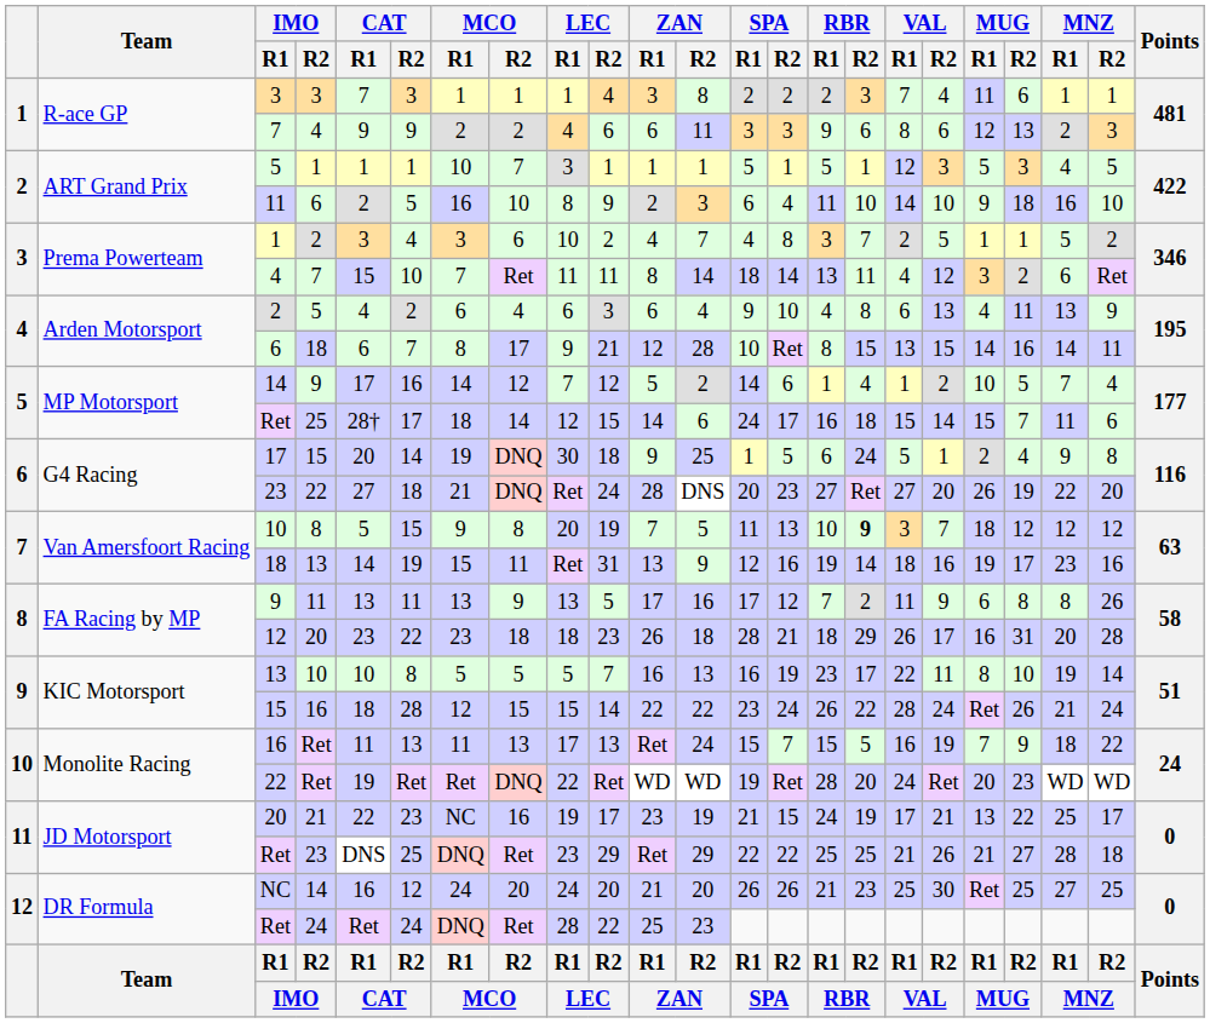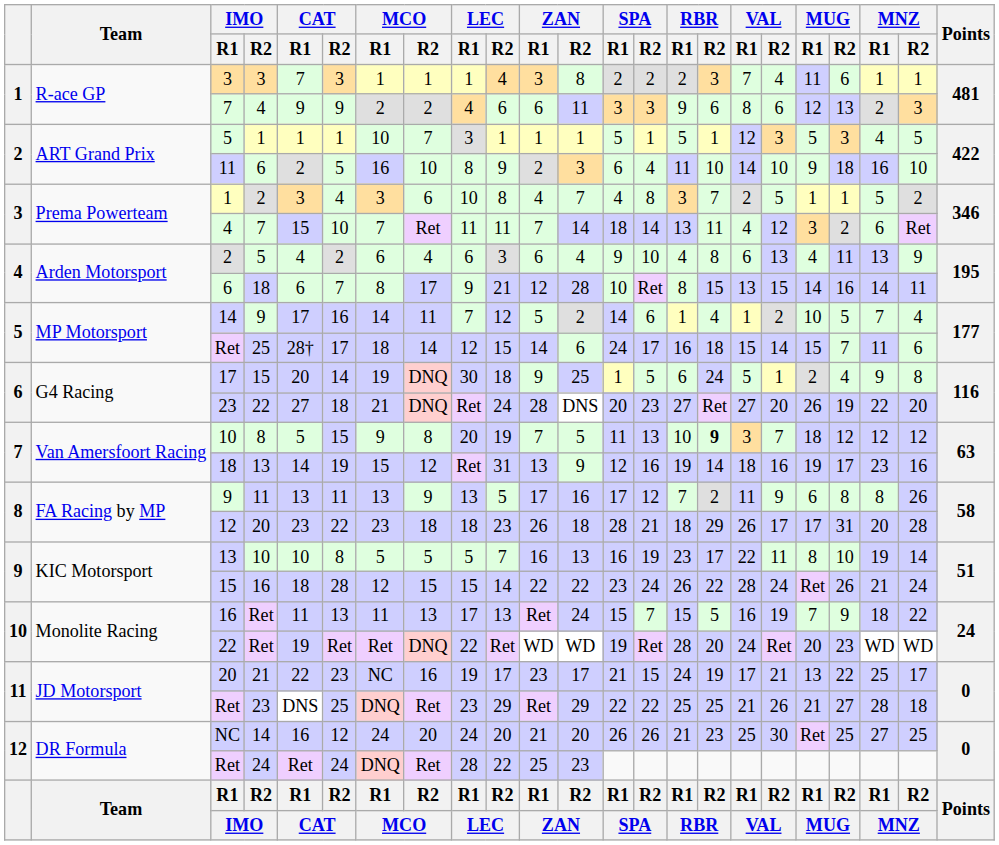 <table class="wikitable" style="font-size:85%; text-align:center">
 <tr>
 <th rowspan="2" valign="middle"></th>
 <th rowspan="2" valign="middle">Team</th>
 <th colspan="2"><a href='#'>IMO</a><br></th>
 <th colspan="2"><a href='#'>CAT</a><br></th>
 <th colspan="2"><a href='#'>MCO</a><br></th>
 <th colspan="2"><a href='#'>LEC</a><br></th>
 <th colspan="2"><a href='#'>ZAN</a><br></th>
 <th colspan="2"><a href='#'>SPA</a><br></th>
 <th colspan="2"><a href='#'>RBR</a><br></th>
 <th colspan="2"><a href='#'>VAL</a><br></th>
 <th colspan="2"><a href='#'>MUG</a><br></th>
 <th colspan="2"><a href='#'>MNZ</a><br></th>
 <th rowspan="2" valign="middle">Points</th>
 </tr>
 <tr>
 <th>R1</th>
 <th>R2</th>
 <th>R1</th>
 <th>R2</th>
 <th>R1</th>
 <th>R2</th>
 <th>R1</th>
 <th>R2</th>
 <th>R1</th>
 <th>R2</th>
 <th>R1</th>
 <th>R2</th>
 <th>R1</th>
 <th>R2</th>
 <th>R1</th>
 <th>R2</th>
 <th>R1</th>
 <th>R2</th>
 <th>R1</th>
 <th>R2</th>
 </tr>
 <tr>
 <th rowspan="2">1</th>
 <td rowspan="2" align="left"> <a href='#'>R-ace GP</a></td>
 <td style="background:#FFDF9F;">3</td>
 <td style="background:#FFDF9F;">3</td>
 <td style="background:#dfffdf;">7</td>
 <td style="background:#FFDF9F;">3</td>
 <td style="background:#ffffbf;">1</td>
 <td style="background:#ffffbf;">1</td>
 <td style="background:#FFFFBF;">1</td>
 <td style="background:#ffdf9f;">4</td>
 <td style="background:#FFDF9F;">3</td>
 <td style="background:#dfffdf;">8</td>
 <td style="background:#dfdfdf;">2</td>
 <td style="background:#dfdfdf;">2</td>
 <td style="background:#dfdfdf;">2</td>
 <td style="background:#FFDF9F;">3</td>
 <td style="background:#dfffdf;">7</td>
 <td style="background:#dfffdf;">4</td>
 <td style="background:#cfcfff;">11</td>
 <td style="background:#dfffdf;">6</td>
 <td style="background:#FFFFBF;">1</td>
 <td style="background:#FFFFBF;">1</td>
 <th rowspan="2">481</th>
 </tr>
 <tr>
 <td style="background:#DFFFDF;">7</td>
 <td style="background:#DFFFDF;">4</td>
 <td style="background:#dfffdf;">9</td>
 <td style="background:#dfffdf;">9</td>
 <td style="background:#dfdfdf;">2</td>
 <td style="background:#dfdfdf;">2</td>
 <td style="background:#FFDF9F;">4</td>
 <td style="background:#dfffdf;">6</td>
 <td style="background:#dfffdf;">6</td>
 <td style="background:#cfcfff;">11</td>
 <td style="background:#FFDF9F;">3</td>
 <td style="background:#FFDF9F;">3</td>
 <td style="background:#dfffdf;">9</td>
 <td style="background:#dfffdf;">6</td>
 <td style="background:#dfffdf;">8</td>
 <td style="background:#dfffdf;">6</td>
 <td style="background:#cfcfff;">12</td>
 <td style="background:#cfcfff;">13</td>
 <td style="background:#dfdfdf;">2</td>
 <td style="background:#FFDF9F;">3</td>
 </tr>
 <tr>
 <th rowspan="2">2</th>
 <td rowspan="2" align="left"> <a href='#'>ART Grand Prix</a></td>
 <td style="background:#DFFFDF;">5</td>
 <td style="background:#FFFFBF;">1</td>
 <td style="background:#ffffbf;">1</td>
 <td style="background:#ffffbf;">1</td>
 <td style="background:#DFFFDF;">10</td>
 <td style="background:#DFFFDF;">7</td>
 <td style="background:#DFDFDF;">3</td>
 <td style="background:#ffffbf;">1</td>
 <td style="background:#ffffbf;">1</td>
 <td style="background:#ffffbf;">1</td>
 <td style="background:#DFFFDF;">5</td>
 <td style="background:#ffffbf;">1</td>
 <td style="background:#DFFFDF;">5</td>
 <td style="background:#ffffbf;">1</td>
 <td style="background:#cfcfff;">12</td>
 <td style="background:#FFDF9F;">3</td>
 <td style="background:#DFFFDF;">5</td>
 <td style="background:#FFDF9F;">3</td>
 <td style="background:#DFFFDF;">4</td>
 <td style="background:#DFFFDF;">5</td>
 <th rowspan="2">422</th>
 </tr>
 <tr>
 <td style="background:#CFCFFF;">11</td>
 <td style="background:#DFFFDF;">6</td>
 <td style="background:#dfdfdf;">2</td>
 <td style="background:#DFFFDF;">5</td>
 <td style="background:#CFCFFF;">16</td>
 <td style="background:#DFFFDF;">10</td>
 <td style="background:#DFFFDF;">8</td>
 <td style="background:#dfffdf;">9</td>
 <td style="background:#dfdfdf;">2</td>
 <td style="background:#ffdf9f;">3</td>
 <td style="background:#DFFFDF;">6</td>
 <td style="background:#DFFFDF;">4</td>
 <td style="background:#CFCFFF;">11</td>
 <td style="background:#DFFFDF;">10</td>
 <td style="background:#cfcfff;">14</td>
 <td style="background:#dfffdf;">10</td>
 <td style="background:#DFFFDF;">9</td>
 <td style="background:#cfcfff;">18</td>
 <td style="background:#CFCFFF;">16</td>
 <td style="background:#dfffdf;">10</td>
 </tr>
 <tr>
 <th rowspan="2">3</th>
 <td rowspan="2" align="left"> <a href='#'>Prema Powerteam</a></td>
 <td style="background:#ffffbf;">1</td>
 <td style="background:#dfdfdf;">2</td>
 <td style="background:#ffdf9f;">3</td>
 <td style="background:#DFFFDF;">4</td>
 <td style="background:#ffdf9f;">3</td>
 <td style="background:#DFFFDF;">6</td>
 <td style="background:#DFFFDF;">10</td>
-<td style="background:#dfffdf;">2</td>
+<td style="background:#dfffdf;">8</td>
 <td style="background:#dfffdf;">4</td>
 <td style="background:#dfffdf;">7</td>
 <td style="background:#dfffdf;">4</td>
 <td style="background:#DFFFDF;">8</td>
 <td style="background:#ffdf9f;">3</td>
 <td style="background:#DFFFDF;">7</td>
 <td style="background:#dfdfdf;">2</td>
 <td style="background:#DFFFDF;">5</td>
 <td style="background:#ffffbf;">1</td>
 <td style="background:#ffffbf;">1</td>
 <td style="background:#DFFFDF;">5</td>
 <td style="background:#dfdfdf;">2</td>
 <th rowspan="2">346</th>
 </tr>
 <tr>
 <td style="background:#dfffdf;">4</td>
 <td style="background:#dfffdf;">7</td>
 <td style="background:#cfcfff;">15</td>
 <td style="background:#DFFFDF;">10</td>
 <td style="background:#dfffdf;">7</td>
 <td style="background:#EFCFFF;">Ret</td>
 <td style="background:#DFFFDF;">11</td>
 <td style="background:#dfffdf;">11</td>
-<td style="background:#dfffdf;">8</td>
+<td style="background:#dfffdf;">7</td>
 <td style="background:#cfcfff;">14</td>
 <td style="background:#cfcfff;">18</td>
 <td style="background:#cfcfff;">14</td>
 <td style="background:#cfcfff;">13</td>
 <td style="background:#dfffdf;">11</td>
 <td style="background:#dfffdf;">4</td>
 <td style="background:#cfcfff;">12</td>
 <td style="background:#ffdf9f;">3</td>
 <td style="background:#dfdfdf;">2</td>
 <td style="background:#DFFFDF;">6</td>
 <td style="background:#EFCFFF;">Ret</td>
 </tr>
 <tr>
 <th rowspan="2">4</th>
 <td rowspan="2" align="left"> <a href='#'>Arden Motorsport</a></td>
 <td style="background:#dfdfdf;">2</td>
 <td style="background:#dfffdf;">5</td>
 <td style="background:#dfffdf;">4</td>
 <td style="background:#dfdfdf;">2</td>
 <td style="background:#dfffdf;">6</td>
 <td style="background:#dfffdf;">4</td>
 <td style="background:#dfffdf;">6</td>
 <td style="background:#dfdfdf;">3</td>
 <td style="background:#dfffdf;">6</td>
 <td style="background:#dfffdf;">4</td>
 <td style="background:#dfffdf;">9</td>
 <td style="background:#dfffdf;">10</td>
 <td style="background:#dfffdf;">4</td>
 <td style="background:#dfffdf;">8</td>
 <td style="background:#dfffdf;">6</td>
 <td style="background:#cfcfff;">13</td>
 <td style="background:#dfffdf;">4</td>
 <td style="background:#cfcfff;">11</td>
 <td style="background:#cfcfff;">13</td>
 <td style="background:#dfffdf;">9</td>
 <th rowspan="2">195</th>
 </tr>
 <tr>
 <td style="background:#dfffdf;">6</td>
 <td style="background:#CFCFFF;">18</td>
 <td style="background:#dfffdf;">6</td>
 <td style="background:#dfffdf;">7</td>
 <td style="background:#dfffdf;">8</td>
 <td style="background:#cfcfff;">17</td>
 <td style="background:#dfffdf;">9</td>
 <td style="background:#cfcfff;">21</td>
 <td style="background:#CFCFFF;">12</td>
 <td style="background:#cfcfff;">28</td>
 <td style="background:#dfffdf;">10</td>
 <td style="background:#EFCFFF;">Ret</td>
 <td style="background:#dfffdf;">8</td>
 <td style="background:#CFCFFF;">15</td>
 <td style="background:#CFCFFF;">13</td>
 <td style="background:#cfcfff;">15</td>
 <td style="background:#cfcfff;">14</td>
 <td style="background:#cfcfff;">16</td>
 <td style="background:#cfcfff;">14</td>
 <td style="background:#cfcfff;">11</td>
 </tr>
 <tr>
 <th rowspan="2">5</th>
 <td rowspan="2" align="left"> <a href='#'>MP Motorsport</a></td>
 <td style="background:#CFCFFF;">14</td>
 <td style="background:#dfffdf;">9</td>
 <td style="background:#cfcfff;">17</td>
 <td style="background:#CFCFFF;">16</td>
 <td style="background:#cfcfff;">14</td>
-<td style="background:#cfcfff;">12</td>
+<td style="background:#cfcfff;">11</td>
 <td style="background:#dfffdf;">7</td>
 <td style="background:#cfcfff;">12</td>
 <td style="background:#dfffdf;">5</td>
 <td style="background:#dfdfdf;">2</td>
 <td style="background:#cfcfff;">14</td>
 <td style="background:#dfffdf;">6</td>
 <td style="background:#ffffbf;">1</td>
 <td style="background:#dfffdf;">4</td>
 <td style="background:#ffffbf;">1</td>
 <td style="background:#dfdfdf;">2</td>
 <td style="background:#dfffdf;">10</td>
 <td style="background:#dfffdf;">5</td>
 <td style="background:#dfffdf;">7</td>
 <td style="background:#dfffdf;">4</td>
 <th rowspan="2">177</th>
 </tr>
 <tr>
 <td style="background:#EFCFFF;">Ret</td>
 <td style="background:#CFCFFF;">25</td>
 <td style="background:#cfcfff;">28†</td>
 <td style="background:#CFCFFF;">17</td>
 <td style="background:#cfcfff;">18</td>
 <td style="background:#CFCFFF;">14</td>
 <td style="background:#cfcfff;">12</td>
 <td style="background:#cfcfff;">15</td>
 <td style="background:#cfcfff;">14</td>
 <td style="background:#dfffdf;">6</td>
 <td style="background:#cfcfff;">24</td>
 <td style="background:#cfcfff;">17</td>
 <td style="background:#cfcfff;">16</td>
 <td style="background:#cfcfff;">18</td>
 <td style="background:#cfcfff;">15</td>
 <td style="background:#cfcfff;">14</td>
 <td style="background:#cfcfff;">15</td>
 <td style="background:#dfffdf;">7</td>
 <td style="background:#cfcfff;">11</td>
 <td style="background:#dfffdf;">6</td>
 </tr>
 <tr>
 <th rowspan="2">6</th>
 <td rowspan="2" align="left"> G4 Racing</td>
 <td style="background:#cfcfff;">17</td>
 <td style="background:#cfcfff;">15</td>
 <td style="background:#cfcfff;">20</td>
 <td style="background:#cfcfff;">14</td>
 <td style="background:#cfcfff;">19</td>
 <td style="background:#ffcfcf;">DNQ</td>
 <td style="background:#cfcfff;">30</td>
 <td style="background:#cfcfff;">18</td>
 <td style="background:#dfffdf;">9</td>
 <td style="background:#cfcfff;">25</td>
 <td style="background:#ffffbf;">1</td>
 <td style="background:#dfffdf;">5</td>
 <td style="background:#dfffdf;">6</td>
 <td style="background:#cfcfff;">24</td>
 <td style="background:#dfffdf;">5</td>
 <td style="background:#ffffbf;">1</td>
 <td style="background:#dfdfdf;">2</td>
 <td style="background:#dfffdf;">4</td>
 <td style="background:#dfffdf;">9</td>
 <td style="background:#dfffdf;">8</td>
 <th rowspan="2">116</th>
 </tr>
 <tr>
 <td style="background:#cfcfff;">23</td>
 <td style="background:#cfcfff;">22</td>
 <td style="background:#cfcfff;">27</td>
 <td style="background:#cfcfff;">18</td>
 <td style="background:#cfcfff;">21</td>
 <td style="background:#ffcfcf;">DNQ</td>
 <td style="background:#EFCFFF;">Ret</td>
 <td style="background:#cfcfff;">24</td>
 <td style="background:#cfcfff;">28</td>
 <td style="background:#ffffff;">DNS</td>
 <td style="background:#cfcfff;">20</td>
 <td style="background:#cfcfff;">23</td>
 <td style="background:#cfcfff;">27</td>
 <td style="background:#EFCFFF;">Ret</td>
 <td style="background:#cfcfff;">27</td>
 <td style="background:#cfcfff;">20</td>
 <td style="background:#cfcfff;">26</td>
 <td style="background:#cfcfff;">19</td>
 <td style="background:#cfcfff;">22</td>
 <td style="background:#cfcfff;">20</td>
 </tr>
 <tr>
 <th rowspan="2">7</th>
 <td rowspan="2" align="left" nowrap> <a href='#'>Van Amersfoort Racing</a></td>
 <td style="background:#dfffdf;">10</td>
 <td style="background:#dfffdf;">8</td>
 <td style="background:#dfffdf;">5</td>
 <td style="background:#CFCFFF;">15</td>
 <td style="background:#dfffdf;">9</td>
 <td style="background:#dfffdf;">8</td>
 <td style="background:#CFCFFF;">20</td>
 <td style="background:#cfcfff;">19</td>
 <td style="background:#dfffdf;">7</td>
 <td style="background:#dfffdf;">5</td>
 <td style="background:#cfcfff;">11</td>
 <td style="background:#cfcfff;">13</td>
 <td style="background:#dfffdf;">10</td>
 <td style="background:#dfffdf;"><strong>9</strong></td>
 <td style="background:#FFDF9F;">3</td>
 <td style="background:#dfffdf;">7</td>
 <td style="background:#cfcfff;">18</td>
 <td style="background:#cfcfff;">12</td>
 <td style="background:#cfcfff;">12</td>
 <td style="background:#cfcfff;">12</td>
 <th rowspan="2">63</th>
 </tr>
 <tr>
 <td style="background:#CFCFFF;">18</td>
 <td style="background:#CFCFFF;">13</td>
 <td style="background:#cfcfff;">14</td>
 <td style="background:#CFCFFF;">19</td>
 <td style="background:#cfcfff;">15</td>
-<td style="background:#cfcfff;">11</td>
+<td style="background:#cfcfff;">12</td>
 <td style="background:#EFCFFF;">Ret</td>
 <td style="background:#cfcfff;">31</td>
 <td style="background:#cfcfff;">13</td>
 <td style="background:#dfffdf;">9</td>
 <td style="background:#cfcfff;">12</td>
 <td style="background:#cfcfff;">16</td>
 <td style="background:#cfcfff;">19</td>
 <td style="background:#cfcfff;">14</td>
 <td style="background:#cfcfff;">18</td>
 <td style="background:#cfcfff;">16</td>
 <td style="background:#cfcfff;">19</td>
 <td style="background:#cfcfff;">17</td>
 <td style="background:#cfcfff;">23</td>
 <td style="background:#cfcfff;">16</td>
 </tr>
 <tr>
 <th rowspan="2">8</th>
 <td rowspan="2" align="left"> <a href='#'>FA Racing</a> by <a href='#'>MP</a></td>
 <td style="background:#dfffdf;">9</td>
 <td style="background:#CFCFFF;">11</td>
 <td style="background:#cfcfff;">13</td>
 <td style="background:#CFCFFF;">11</td>
 <td style="background:#cfcfff;">13</td>
 <td style="background:#dfffdf;">9</td>
 <td style="background:#cfcfff;">13</td>
 <td style="background:#dfffdf;">5</td>
 <td style="background:#cfcfff;">17</td>
 <td style="background:#cfcfff;">16</td>
 <td style="background:#cfcfff;">17</td>
 <td style="background:#cfcfff;">12</td>
 <td style="background:#dfffdf;">7</td>
 <td style="background:#dfdfdf;">2</td>
 <td style="background:#cfcfff;">11</td>
 <td style="background:#dfffdf;">9</td>
 <td style="background:#dfffdf;">6</td>
 <td style="background:#dfffdf;">8</td>
 <td style="background:#dfffdf;">8</td>
 <td style="background:#cfcfff;">26</td>
 <th rowspan="2">58</th>
 </tr>
 <tr>
 <td style="background:#cfcfff;">12</td>
 <td style="background:#cfcfff;">20</td>
 <td style="background:#cfcfff;">23</td>
 <td style="background:#CFCFFF;">22</td>
 <td style="background:#cfcfff;">23</td>
 <td style="background:#cfcfff;">18</td>
 <td style="background:#cfcfff;">18</td>
 <td style="background:#cfcfff;">23</td>
 <td style="background:#cfcfff;">26</td>
 <td style="background:#cfcfff;">18</td>
 <td style="background:#cfcfff;">28</td>
 <td style="background:#cfcfff;">21</td>
 <td style="background:#cfcfff;">18</td>
 <td style="background:#cfcfff;">29</td>
 <td style="background:#cfcfff;">26</td>
 <td style="background:#cfcfff;">17</td>
-<td style="background:#cfcfff;">16</td>
+<td style="background:#cfcfff;">17</td>
 <td style="background:#cfcfff;">31</td>
 <td style="background:#cfcfff;">20</td>
 <td style="background:#cfcfff;">28</td>
 </tr>
 <tr>
 <th rowspan="2" valign="middle">9</th>
 <td rowspan="2" align="left"> KIC Motorsport</td>
 <td style="background:#cfcfff;">13</td>
 <td style="background:#dfffdf;">10</td>
 <td style="background:#dfffdf;">10</td>
 <td style="background:#dfffdf;">8</td>
 <td style="background:#dfffdf;">5</td>
 <td style="background:#dfffdf;">5</td>
 <td style="background:#dfffdf;">5</td>
 <td style="background:#dfffdf;">7</td>
 <td style="background:#cfcfff;">16</td>
 <td style="background:#cfcfff;">13</td>
 <td style="background:#cfcfff;">16</td>
 <td style="background:#cfcfff;">19</td>
 <td style="background:#cfcfff;">23</td>
 <td style="background:#cfcfff;">17</td>
 <td style="background:#cfcfff;">22</td>
 <td style="background:#dfffdf;">11</td>
 <td style="background:#dfffdf;">8</td>
 <td style="background:#dfffdf;">10</td>
 <td style="background:#cfcfff;">19</td>
 <td style="background:#cfcfff;">14</td>
 <th rowspan="2" valign="middle">51</th>
 </tr>
 <tr>
 <td style="background:#cfcfff;">15</td>
 <td style="background:#cfcfff;">16</td>
 <td style="background:#cfcfff;">18</td>
 <td style="background:#cfcfff;">28</td>
 <td style="background:#cfcfff;">12</td>
 <td style="background:#cfcfff;">15</td>
 <td style="background:#cfcfff;">15</td>
 <td style="background:#cfcfff;">14</td>
 <td style="background:#cfcfff;">22</td>
 <td style="background:#cfcfff;">22</td>
 <td style="background:#cfcfff;">23</td>
 <td style="background:#cfcfff;">24</td>
 <td style="background:#cfcfff;">26</td>
 <td style="background:#cfcfff;">22</td>
 <td style="background:#cfcfff;">28</td>
 <td style="background:#cfcfff;">24</td>
 <td style="background:#EFCFFF;">Ret</td>
 <td style="background:#cfcfff;">26</td>
 <td style="background:#cfcfff;">21</td>
 <td style="background:#cfcfff;">24</td>
 </tr>
 <tr>
 <th rowspan="2">10</th>
 <td rowspan="2" align="left"> Monolite Racing</td>
 <td style="background:#cfcfff;">16</td>
 <td style="background:#EFCFFF;">Ret</td>
 <td style="background:#cfcfff;">11</td>
 <td style="background:#cfcfff;">13</td>
 <td style="background:#cfcfff;">11</td>
 <td style="background:#cfcfff;">13</td>
 <td style="background:#cfcfff;">17</td>
 <td style="background:#cfcfff;">13</td>
 <td style="background:#EFCFFF;">Ret</td>
 <td style="background:#cfcfff;">24</td>
 <td style="background:#cfcfff;">15</td>
 <td style="background:#dfffdf;">7</td>
 <td style="background:#cfcfff;">15</td>
 <td style="background:#dfffdf;">5</td>
 <td style="background:#cfcfff;">16</td>
 <td style="background:#cfcfff;">19</td>
 <td style="background:#dfffdf;">7</td>
 <td style="background:#dfffdf;">9</td>
 <td style="background:#cfcfff;">18</td>
 <td style="background:#cfcfff;">22</td>
 <th rowspan="2">24</th>
 </tr>
 <tr>
 <td style="background:#cfcfff;">22</td>
 <td style="background:#EFCFFF;">Ret</td>
 <td style="background:#cfcfff;">19</td>
 <td style="background:#efcfff;">Ret</td>
 <td style="background:#efcfff;">Ret</td>
 <td style="background:#ffcfcf;">DNQ</td>
 <td style="background:#cfcfff;">22</td>
 <td style="background:#efcfff;">Ret</td>
 <td style="background:#ffffff;">WD</td>
 <td style="background:#ffffff;">WD</td>
 <td style="background:#cfcfff;">19</td>
 <td style="background:#efcfff;">Ret</td>
 <td style="background:#cfcfff;">28</td>
 <td style="background:#cfcfff;">20</td>
 <td style="background:#cfcfff;">24</td>
 <td style="background:#efcfff;">Ret</td>
 <td style="background:#cfcfff;">20</td>
 <td style="background:#cfcfff;">23</td>
 <td style="background:#ffffff;">WD</td>
 <td style="background:#ffffff;">WD</td>
 </tr>
 <tr>
 <th rowspan="2">11</th>
 <td rowspan="2" align="left"> <a href='#'>JD Motorsport</a></td>
 <td style="background:#cfcfff;">20</td>
 <td style="background:#cfcfff;">21</td>
 <td style="background:#cfcfff;">22</td>
 <td style="background:#cfcfff;">23</td>
 <td style="background:#cfcfff;">NC</td>
 <td style="background:#cfcfff;">16</td>
 <td style="background:#cfcfff;">19</td>
 <td style="background:#cfcfff;">17</td>
 <td style="background:#cfcfff;">23</td>
-<td style="background:#cfcfff;">19</td>
+<td style="background:#cfcfff;">17</td>
 <td style="background:#cfcfff;">21</td>
 <td style="background:#cfcfff;">15</td>
 <td style="background:#cfcfff;">24</td>
 <td style="background:#cfcfff;">19</td>
 <td style="background:#cfcfff;">17</td>
 <td style="background:#cfcfff;">21</td>
 <td style="background:#cfcfff;">13</td>
 <td style="background:#cfcfff;">22</td>
 <td style="background:#cfcfff;">25</td>
 <td style="background:#cfcfff;">17</td>
 <th rowspan="2">0</th>
 </tr>
 <tr>
 <td style="background:#EFCFFF;">Ret</td>
 <td style="background:#cfcfff;">23</td>
 <td style="background:#ffffff;">DNS</td>
 <td style="background:#cfcfff;">25</td>
 <td style="background:#ffcfcf;">DNQ</td>
 <td style="background:#EFCFFF;">Ret</td>
 <td style="background:#cfcfff;">23</td>
 <td style="background:#cfcfff;">29</td>
 <td style="background:#EFCFFF;">Ret</td>
 <td style="background:#cfcfff;">29</td>
 <td style="background:#cfcfff;">22</td>
 <td style="background:#cfcfff;">22</td>
 <td style="background:#cfcfff;">25</td>
 <td style="background:#cfcfff;">25</td>
 <td style="background:#cfcfff;">21</td>
 <td style="background:#cfcfff;">26</td>
 <td style="background:#cfcfff;">21</td>
 <td style="background:#cfcfff;">27</td>
 <td style="background:#cfcfff;">28</td>
 <td style="background:#cfcfff;">18</td>
 </tr>
 <tr>
 <th rowspan="2">12</th>
 <td rowspan="2" align="left"> <a href='#'>DR Formula</a></td>
 <td style="background:#cfcfff;">NC</td>
 <td style="background:#cfcfff;">14</td>
 <td style="background:#cfcfff;">16</td>
 <td style="background:#cfcfff;">12</td>
 <td style="background:#cfcfff;">24</td>
 <td style="background:#cfcfff;">20</td>
 <td style="background:#cfcfff;">24</td>
 <td style="background:#cfcfff;">20</td>
 <td style="background:#cfcfff;">21</td>
 <td style="background:#cfcfff;">20</td>
 <td style="background:#cfcfff;">26</td>
 <td style="background:#cfcfff;">26</td>
 <td style="background:#cfcfff;">21</td>
 <td style="background:#cfcfff;">23</td>
 <td style="background:#cfcfff;">25</td>
 <td style="background:#cfcfff;">30</td>
 <td style="background:#EFCFFF;">Ret</td>
 <td style="background:#cfcfff;">25</td>
 <td style="background:#cfcfff;">27</td>
 <td style="background:#cfcfff;">25</td>
 <th rowspan="2">0</th>
 </tr>
 <tr>
 <td style="background:#EFCFFF;">Ret</td>
 <td style="background:#cfcfff;">24</td>
 <td style="background:#efcfff;">Ret</td>
 <td style="background:#cfcfff;">24</td>
 <td style="background:#ffcfcf;">DNQ</td>
 <td style="background:#EFCFFF;">Ret</td>
 <td style="background:#cfcfff;">28</td>
 <td style="background:#cfcfff;">22</td>
 <td style="background:#cfcfff;">25</td>
 <td style="background:#cfcfff;">23</td>
 <td></td>
 <td></td>
 <td></td>
 <td></td>
 <td></td>
 <td></td>
 <td></td>
 <td></td>
 <td></td>
 <td></td>
 </tr>
 <tr>
 <th rowspan="2"></th>
 <th rowspan="2">Team</th>
 <th>R1</th>
 <th>R2</th>
 <th>R1</th>
 <th>R2</th>
 <th>R1</th>
 <th>R2</th>
 <th>R1</th>
 <th>R2</th>
 <th>R1</th>
 <th>R2</th>
 <th>R1</th>
 <th>R2</th>
 <th>R1</th>
 <th>R2</th>
 <th>R1</th>
 <th>R2</th>
 <th>R1</th>
 <th>R2</th>
 <th>R1</th>
 <th>R2</th>
 <th rowspan="2">Points</th>
 </tr>
 <tr>
 <th colspan="2"><a href='#'>IMO</a><br></th>
 <th colspan="2"><a href='#'>CAT</a><br></th>
 <th colspan="2"><a href='#'>MCO</a><br></th>
 <th colspan="2"><a href='#'>LEC</a><br></th>
 <th colspan="2"><a href='#'>ZAN</a><br></th>
 <th colspan="2"><a href='#'>SPA</a><br></th>
 <th colspan="2"><a href='#'>RBR</a><br></th>
 <th colspan="2"><a href='#'>VAL</a><br></th>
 <th colspan="2"><a href='#'>MUG</a><br></th>
 <th colspan="2"><a href='#'>MNZ</a><br></th>
 </tr>
 </table>
